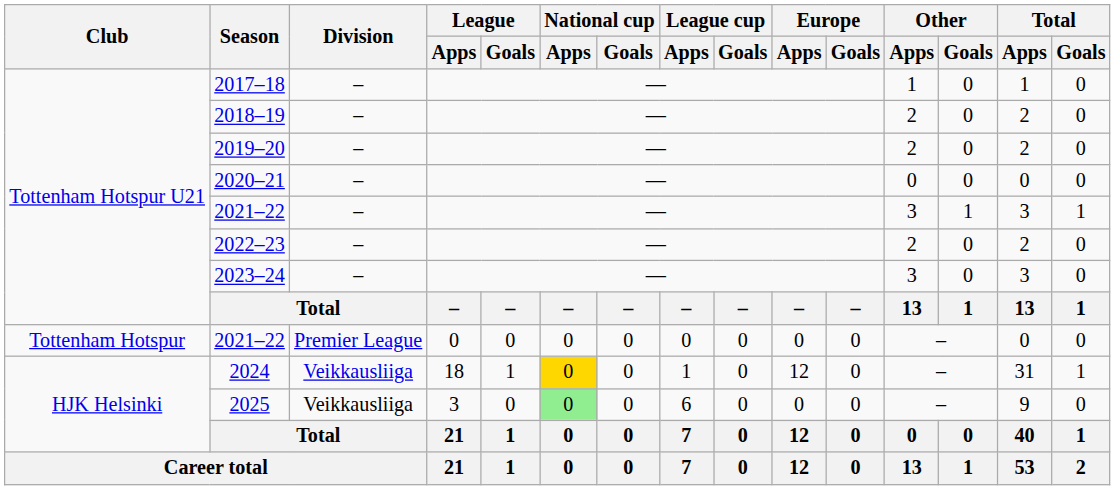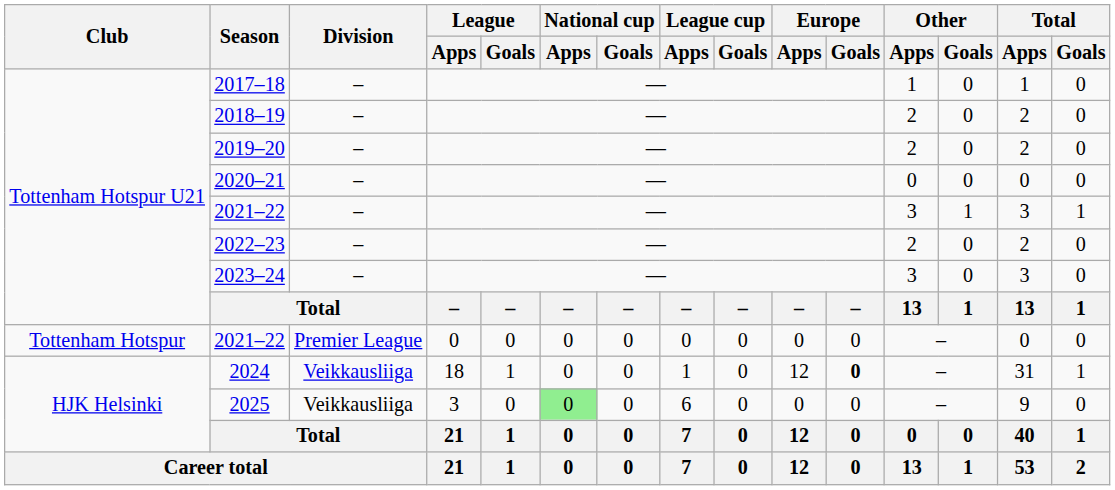 <table class="wikitable" style="text-align:center">
 <tr>
 <th rowspan="2">Club</th>
 <th rowspan="2">Season</th>
 <th rowspan="2">Division</th>
 <th colspan="2">League</th>
 <th colspan="2">National cup</th>
 <th colspan="2">League cup</th>
 <th colspan="2">Europe</th>
 <th colspan="2">Other</th>
 <th colspan="2">Total</th>
 </tr>
 <tr>
 <th>Apps</th>
 <th>Goals</th>
 <th>Apps</th>
 <th>Goals</th>
 <th>Apps</th>
 <th>Goals</th>
 <th>Apps</th>
 <th>Goals</th>
 <th>Apps</th>
 <th>Goals</th>
 <th>Apps</th>
 <th>Goals</th>
 </tr>
 <tr>
 <td rowspan="8"><a href='#'>Tottenham Hotspur U21</a></td>
 <td><a href='#'>2017–18</a></td>
 <td>–</td>
 <td colspan=8>—</td>
 <td>1</td>
 <td>0</td>
 <td>1</td>
 <td>0</td>
 </tr>
 <tr>
 <td><a href='#'>2018–19</a></td>
 <td>–</td>
 <td colspan=8>—</td>
 <td>2</td>
 <td>0</td>
 <td>2</td>
 <td>0</td>
 </tr>
 <tr>
 <td><a href='#'>2019–20</a></td>
 <td>–</td>
 <td colspan=8>—</td>
 <td>2</td>
 <td>0</td>
 <td>2</td>
 <td>0</td>
 </tr>
 <tr>
 <td><a href='#'>2020–21</a></td>
 <td>–</td>
 <td colspan=8>—</td>
 <td>0</td>
 <td>0</td>
 <td>0</td>
 <td>0</td>
 </tr>
 <tr>
 <td><a href='#'>2021–22</a></td>
 <td>–</td>
 <td colspan=8>—</td>
 <td>3</td>
 <td>1</td>
 <td>3</td>
 <td>1</td>
 </tr>
 <tr>
 <td><a href='#'>2022–23</a></td>
 <td>–</td>
 <td colspan=8>—</td>
 <td>2</td>
 <td>0</td>
 <td>2</td>
 <td>0</td>
 </tr>
 <tr>
 <td><a href='#'>2023–24</a></td>
 <td>–</td>
 <td colspan=8>—</td>
 <td>3</td>
 <td>0</td>
 <td>3</td>
 <td>0</td>
 </tr>
 <tr>
 <th colspan="2">Total</th>
 <th>–</th>
 <th>–</th>
 <th>–</th>
 <th>–</th>
 <th>–</th>
 <th>–</th>
 <th>–</th>
 <th>–</th>
 <th>13</th>
 <th>1</th>
 <th>13</th>
 <th>1</th>
 </tr>
 <tr>
 <td><a href='#'>Tottenham Hotspur</a></td>
 <td><a href='#'>2021–22</a></td>
 <td><a href='#'>Premier League</a></td>
 <td>0</td>
 <td>0</td>
 <td>0</td>
 <td>0</td>
 <td>0</td>
 <td>0</td>
 <td>0</td>
 <td>0</td>
 <td colspan=2>–</td>
 <td>0</td>
 <td>0</td>
 </tr>
 <tr>
 <td rowspan=3><a href='#'>HJK Helsinki</a></td>
 <td><a href='#'>2024</a></td>
 <td><a href='#'>Veikkausliiga</a></td>
 <td>18</td>
 <td>1</td>
-<td style="background: gold;">0</td>
+<td>0</td>
 <td>0</td>
 <td>1</td>
 <td>0</td>
 <td>12</td>
-<td>0</td>
+<td><strong>0</strong></td>
 <td colspan=2>–</td>
 <td>31</td>
 <td>1</td>
 </tr>
 <tr>
 <td><a href='#'>2025</a></td>
 <td>Veikkausliiga</td>
 <td>3</td>
 <td>0</td>
 <td style="background: lightgreen;">0</td>
 <td>0</td>
 <td>6</td>
 <td>0</td>
 <td>0</td>
 <td>0</td>
 <td colspan=2>–</td>
 <td>9</td>
 <td>0</td>
 </tr>
 <tr>
 <th colspan=2>Total</th>
 <th>21</th>
 <th>1</th>
 <th>0</th>
 <th>0</th>
 <th>7</th>
 <th>0</th>
 <th>12</th>
 <th>0</th>
 <th>0</th>
 <th>0</th>
 <th>40</th>
 <th>1</th>
 </tr>
 <tr>
 <th colspan="3">Career total</th>
 <th>21</th>
 <th>1</th>
 <th>0</th>
 <th>0</th>
 <th>7</th>
 <th>0</th>
 <th>12</th>
 <th>0</th>
 <th>13</th>
 <th>1</th>
 <th>53</th>
 <th>2</th>
 </tr>
 </table>
